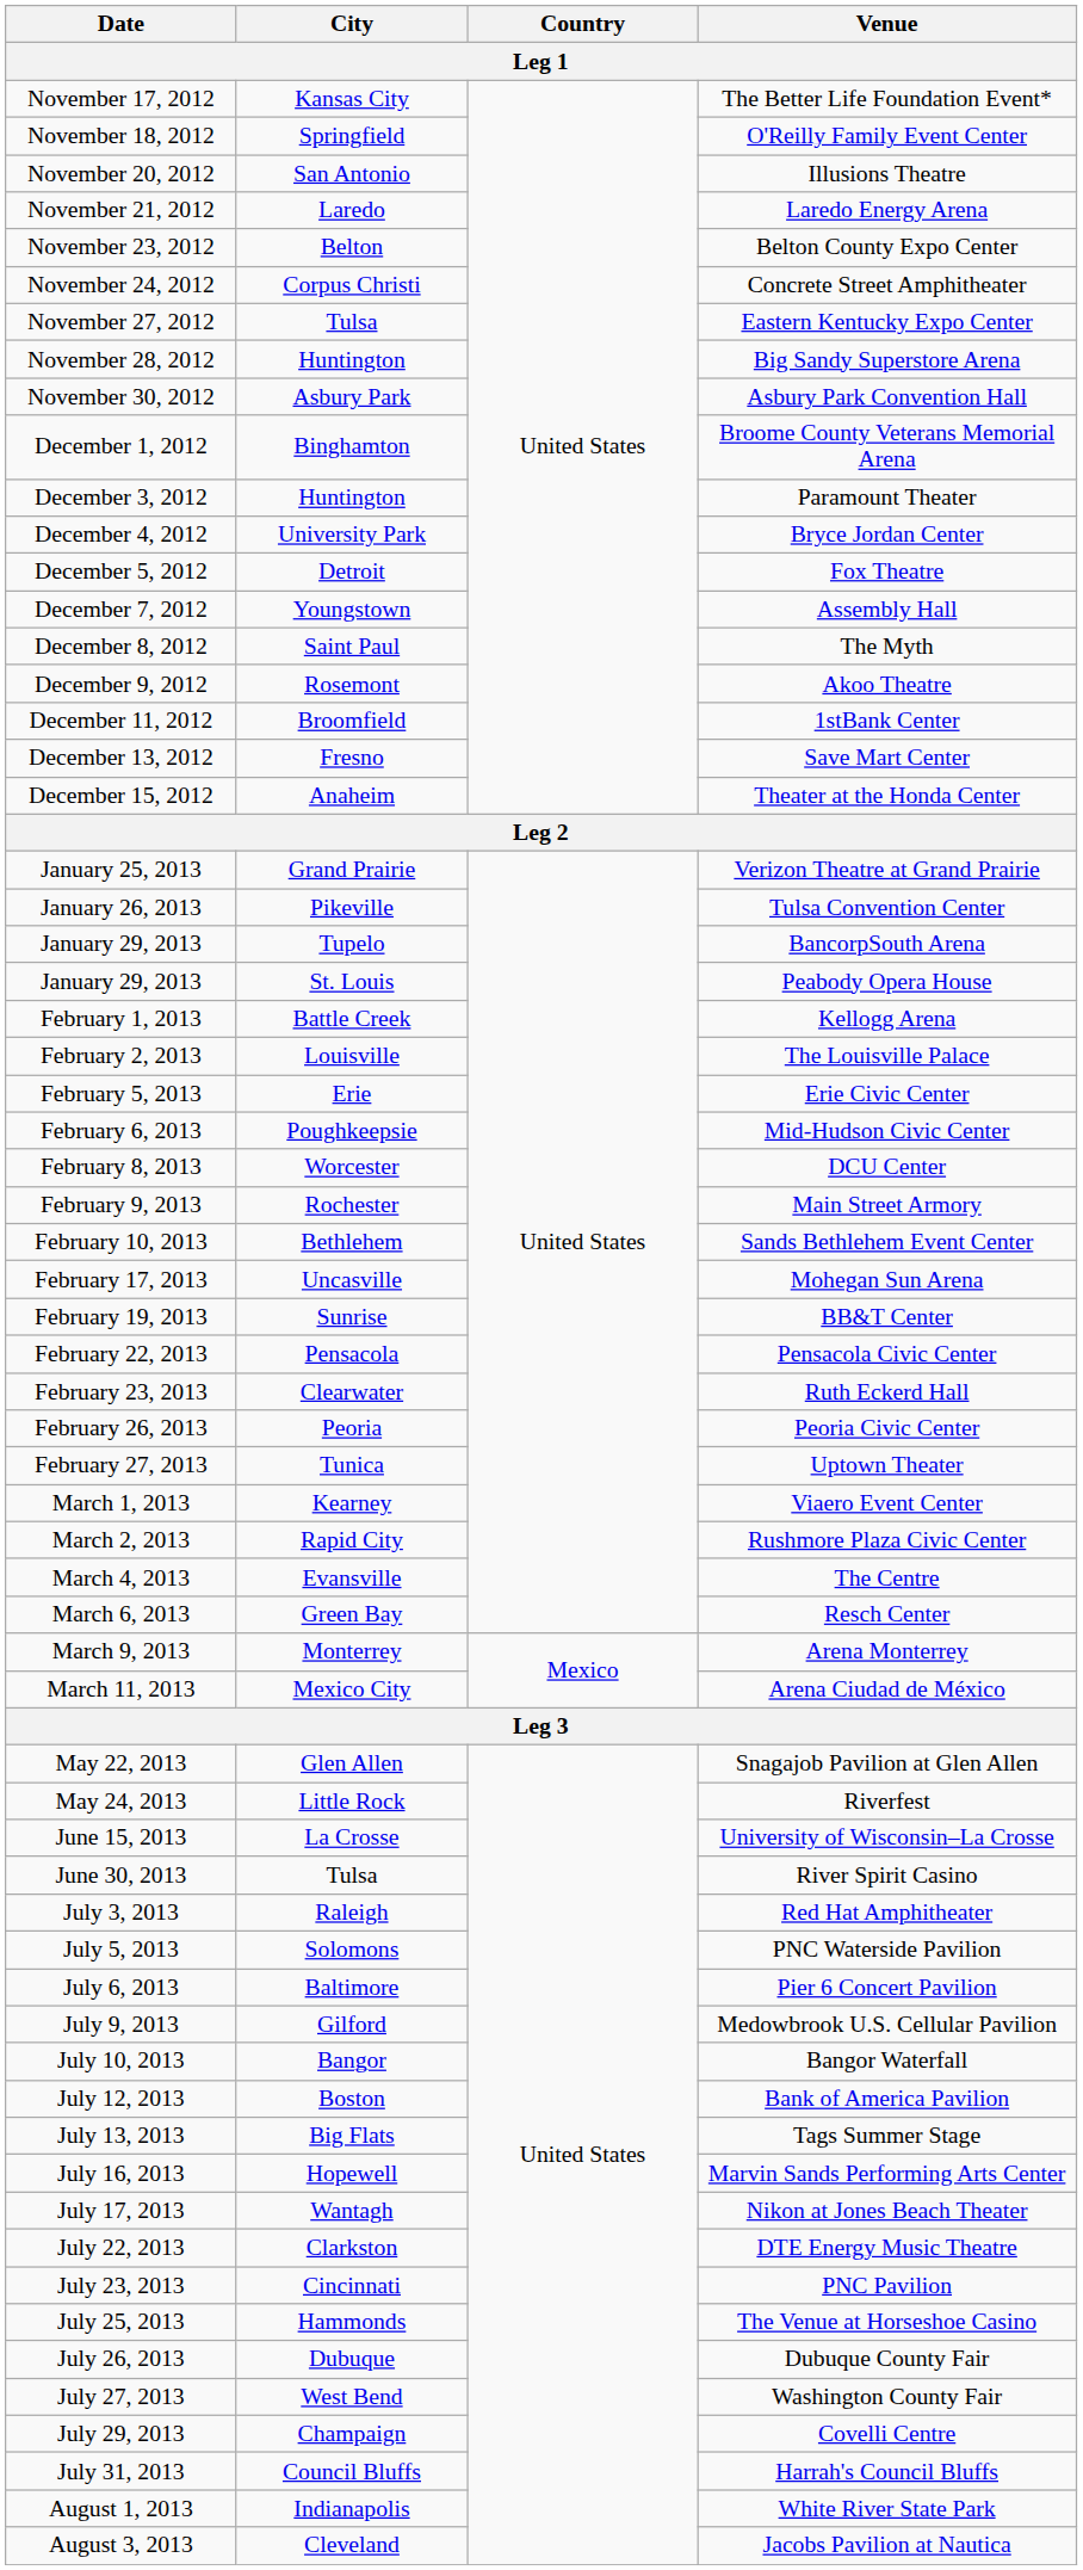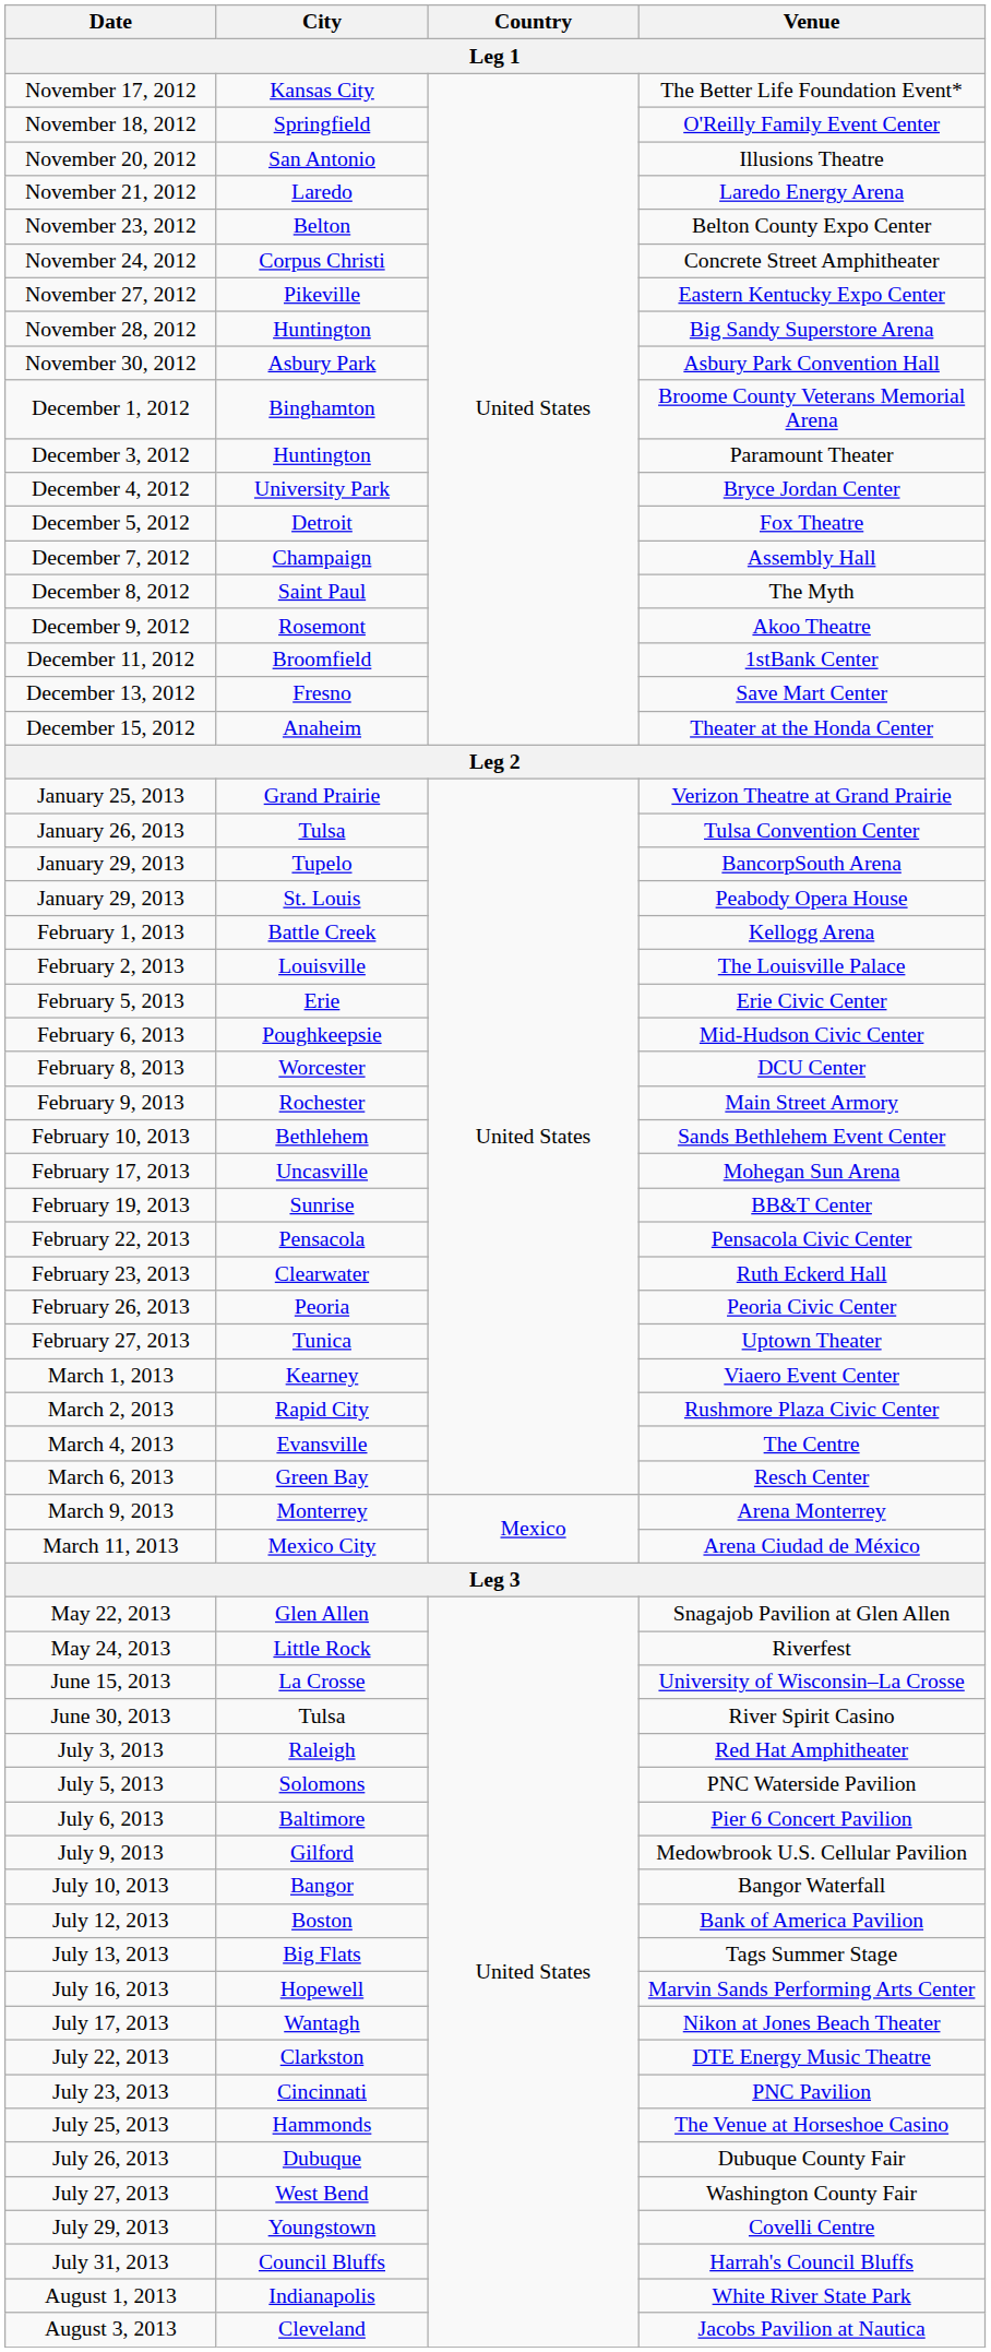 <table class="wikitable" style="text-align:center;">
 <tr>
 <th style="width:150px;">Date</th>
 <th style="width:150px;">City</th>
 <th style="width:150px;">Country</th>
 <th style="width:250px;">Venue</th>
 </tr>
 <tr>
 <th colspan="5">Leg 1</th>
 </tr>
 <tr>
 <td>November 17, 2012</td>
 <td><a href='#'>Kansas City</a></td>
 <td rowspan="19">United States</td>
 <td>The Better Life Foundation Event*</td>
 </tr>
 <tr>
 <td>November 18, 2012</td>
 <td><a href='#'>Springfield</a></td>
 <td><a href='#'>O'Reilly Family Event Center</a></td>
 </tr>
 <tr>
 <td>November 20, 2012</td>
 <td><a href='#'>San Antonio</a></td>
 <td>Illusions Theatre</td>
 </tr>
 <tr>
 <td>November 21, 2012</td>
 <td><a href='#'>Laredo</a></td>
 <td><a href='#'>Laredo Energy Arena</a></td>
 </tr>
 <tr>
 <td>November 23, 2012</td>
 <td><a href='#'>Belton</a></td>
 <td>Belton County Expo Center</td>
 </tr>
 <tr>
 <td>November 24, 2012</td>
 <td><a href='#'>Corpus Christi</a></td>
 <td>Concrete Street Amphitheater</td>
 </tr>
 <tr>
 <td>November 27, 2012</td>
-<td><a href='#'>Tulsa</a></td>
+<td><a href='#'>Pikeville</a></td>
 <td><a href='#'>Eastern Kentucky Expo Center</a></td>
 </tr>
 <tr>
 <td>November 28, 2012</td>
 <td><a href='#'>Huntington</a></td>
 <td><a href='#'>Big Sandy Superstore Arena</a></td>
 </tr>
 <tr>
 <td>November 30, 2012</td>
 <td><a href='#'>Asbury Park</a></td>
 <td><a href='#'>Asbury Park Convention Hall</a></td>
 </tr>
 <tr>
 <td>December 1, 2012</td>
 <td><a href='#'>Binghamton</a></td>
 <td><a href='#'>Broome County Veterans Memorial Arena</a></td>
 </tr>
 <tr>
 <td>December 3, 2012</td>
 <td><a href='#'>Huntington</a></td>
 <td>Paramount Theater</td>
 </tr>
 <tr>
 <td>December 4, 2012</td>
 <td><a href='#'>University Park</a></td>
 <td><a href='#'>Bryce Jordan Center</a></td>
 </tr>
 <tr>
 <td>December 5, 2012</td>
 <td><a href='#'>Detroit</a></td>
 <td><a href='#'>Fox Theatre</a></td>
 </tr>
 <tr>
 <td>December 7, 2012</td>
-<td><a href='#'>Youngstown</a></td>
+<td><a href='#'>Champaign</a></td>
 <td><a href='#'>Assembly Hall</a></td>
 </tr>
 <tr>
 <td>December 8, 2012</td>
 <td><a href='#'>Saint Paul</a></td>
 <td>The Myth</td>
 </tr>
 <tr>
 <td>December 9, 2012</td>
 <td><a href='#'>Rosemont</a></td>
 <td><a href='#'>Akoo Theatre</a></td>
 </tr>
 <tr>
 <td>December 11, 2012</td>
 <td><a href='#'>Broomfield</a></td>
 <td><a href='#'>1stBank Center</a></td>
 </tr>
 <tr>
 <td>December 13, 2012</td>
 <td><a href='#'>Fresno</a></td>
 <td><a href='#'>Save Mart Center</a></td>
 </tr>
 <tr>
 <td>December 15, 2012</td>
 <td><a href='#'>Anaheim</a></td>
 <td><a href='#'>Theater at the Honda Center</a></td>
 </tr>
 <tr>
 <th colspan="5">Leg 2</th>
 </tr>
 <tr>
 <td>January 25, 2013</td>
 <td><a href='#'>Grand Prairie</a></td>
 <td rowspan="21">United States</td>
 <td><a href='#'>Verizon Theatre at Grand Prairie</a></td>
 </tr>
 <tr>
 <td>January 26, 2013</td>
-<td><a href='#'>Pikeville</a></td>
+<td><a href='#'>Tulsa</a></td>
 <td><a href='#'>Tulsa Convention Center</a></td>
 </tr>
 <tr>
 <td>January 29, 2013</td>
 <td><a href='#'>Tupelo</a></td>
 <td><a href='#'>BancorpSouth Arena</a></td>
 </tr>
 <tr>
 <td>January 29, 2013</td>
 <td><a href='#'>St. Louis</a></td>
 <td><a href='#'>Peabody Opera House</a></td>
 </tr>
 <tr>
 <td>February 1, 2013</td>
 <td><a href='#'>Battle Creek</a></td>
 <td><a href='#'>Kellogg Arena</a></td>
 </tr>
 <tr>
 <td>February 2, 2013</td>
 <td><a href='#'>Louisville</a></td>
 <td><a href='#'>The Louisville Palace</a></td>
 </tr>
 <tr>
 <td>February 5, 2013</td>
 <td><a href='#'>Erie</a></td>
 <td><a href='#'>Erie Civic Center</a></td>
 </tr>
 <tr>
 <td>February 6, 2013</td>
 <td><a href='#'>Poughkeepsie</a></td>
 <td><a href='#'>Mid-Hudson Civic Center</a></td>
 </tr>
 <tr>
 <td>February 8, 2013</td>
 <td><a href='#'>Worcester</a></td>
 <td><a href='#'>DCU Center</a></td>
 </tr>
 <tr>
 <td>February 9, 2013</td>
 <td><a href='#'>Rochester</a></td>
 <td><a href='#'>Main Street Armory</a></td>
 </tr>
 <tr>
 <td>February 10, 2013</td>
 <td><a href='#'>Bethlehem</a></td>
 <td><a href='#'>Sands Bethlehem Event Center</a></td>
 </tr>
 <tr>
 <td>February 17, 2013</td>
 <td><a href='#'>Uncasville</a></td>
 <td><a href='#'>Mohegan Sun Arena</a></td>
 </tr>
 <tr>
 <td>February 19, 2013</td>
 <td><a href='#'>Sunrise</a></td>
 <td><a href='#'>BB&T Center</a></td>
 </tr>
 <tr>
 <td>February 22, 2013</td>
 <td><a href='#'>Pensacola</a></td>
 <td><a href='#'>Pensacola Civic Center</a></td>
 </tr>
 <tr>
 <td>February 23, 2013</td>
 <td><a href='#'>Clearwater</a></td>
 <td><a href='#'>Ruth Eckerd Hall</a></td>
 </tr>
 <tr>
 <td>February 26, 2013</td>
 <td><a href='#'>Peoria</a></td>
 <td><a href='#'>Peoria Civic Center</a></td>
 </tr>
 <tr>
 <td>February 27, 2013</td>
 <td><a href='#'>Tunica</a></td>
 <td><a href='#'>Uptown Theater</a></td>
 </tr>
 <tr>
 <td>March 1, 2013</td>
 <td><a href='#'>Kearney</a></td>
 <td><a href='#'>Viaero Event Center</a></td>
 </tr>
 <tr>
 <td>March 2, 2013</td>
 <td><a href='#'>Rapid City</a></td>
 <td><a href='#'>Rushmore Plaza Civic Center</a></td>
 </tr>
 <tr>
 <td>March 4, 2013</td>
 <td><a href='#'>Evansville</a></td>
 <td><a href='#'>The Centre</a></td>
 </tr>
 <tr>
 <td>March 6, 2013</td>
 <td><a href='#'>Green Bay</a></td>
 <td><a href='#'>Resch Center</a></td>
 </tr>
 <tr>
 <td>March 9, 2013</td>
 <td><a href='#'>Monterrey</a></td>
 <td rowspan="2"><a href='#'>Mexico</a></td>
 <td><a href='#'>Arena Monterrey</a></td>
 </tr>
 <tr>
 <td>March 11, 2013</td>
 <td><a href='#'>Mexico City</a></td>
 <td><a href='#'>Arena Ciudad de México</a></td>
 </tr>
 <tr>
 <th colspan="5">Leg 3</th>
 </tr>
 <tr>
 <td>May 22, 2013</td>
 <td><a href='#'>Glen Allen</a></td>
 <td rowspan="22">United States</td>
 <td>Snagajob Pavilion at Glen Allen</td>
 </tr>
 <tr>
 <td>May 24, 2013</td>
 <td><a href='#'>Little Rock</a></td>
 <td>Riverfest</td>
 </tr>
 <tr>
 <td>June 15, 2013</td>
 <td><a href='#'>La Crosse</a></td>
 <td><a href='#'>University of Wisconsin–La Crosse</a></td>
 </tr>
 <tr>
 <td>June 30, 2013</td>
 <td>Tulsa</td>
 <td>River Spirit Casino</td>
 </tr>
 <tr>
 <td>July 3, 2013</td>
 <td><a href='#'>Raleigh</a></td>
 <td><a href='#'>Red Hat Amphitheater</a></td>
 </tr>
 <tr>
 <td>July 5, 2013</td>
 <td><a href='#'>Solomons</a></td>
 <td>PNC Waterside Pavilion</td>
 </tr>
 <tr>
 <td>July 6, 2013</td>
 <td><a href='#'>Baltimore</a></td>
 <td><a href='#'>Pier 6 Concert Pavilion</a></td>
 </tr>
 <tr>
 <td>July 9, 2013</td>
 <td><a href='#'>Gilford</a></td>
 <td>Medowbrook U.S. Cellular Pavilion</td>
 </tr>
 <tr>
 <td>July 10, 2013</td>
 <td><a href='#'>Bangor</a></td>
 <td>Bangor Waterfall</td>
 </tr>
 <tr>
 <td>July 12, 2013</td>
 <td><a href='#'>Boston</a></td>
 <td><a href='#'>Bank of America Pavilion</a></td>
 </tr>
 <tr>
 <td>July 13, 2013</td>
 <td><a href='#'>Big Flats</a></td>
 <td>Tags Summer Stage</td>
 </tr>
 <tr>
 <td>July 16, 2013</td>
 <td><a href='#'>Hopewell</a></td>
 <td><a href='#'>Marvin Sands Performing Arts Center</a></td>
 </tr>
 <tr>
 <td>July 17, 2013</td>
 <td><a href='#'>Wantagh</a></td>
 <td><a href='#'>Nikon at Jones Beach Theater</a></td>
 </tr>
 <tr>
 <td>July 22, 2013</td>
 <td><a href='#'>Clarkston</a></td>
 <td><a href='#'>DTE Energy Music Theatre</a></td>
 </tr>
 <tr>
 <td>July 23, 2013</td>
 <td><a href='#'>Cincinnati</a></td>
 <td><a href='#'>PNC Pavilion</a></td>
 </tr>
 <tr>
 <td>July 25, 2013</td>
 <td><a href='#'>Hammonds</a></td>
 <td><a href='#'>The Venue at Horseshoe Casino</a></td>
 </tr>
 <tr>
 <td>July 26, 2013</td>
 <td><a href='#'>Dubuque</a></td>
 <td>Dubuque County Fair</td>
 </tr>
 <tr>
 <td>July 27, 2013</td>
 <td><a href='#'>West Bend</a></td>
 <td>Washington County Fair</td>
 </tr>
 <tr>
 <td>July 29, 2013</td>
-<td><a href='#'>Champaign</a></td>
+<td><a href='#'>Youngstown</a></td>
 <td><a href='#'>Covelli Centre</a></td>
 </tr>
 <tr>
 <td>July 31, 2013</td>
 <td><a href='#'>Council Bluffs</a></td>
 <td><a href='#'>Harrah's Council Bluffs</a></td>
 </tr>
 <tr>
 <td>August 1, 2013</td>
 <td><a href='#'>Indianapolis</a></td>
 <td><a href='#'>White River State Park</a></td>
 </tr>
 <tr>
 <td>August 3, 2013</td>
 <td><a href='#'>Cleveland</a></td>
 <td><a href='#'>Jacobs Pavilion at Nautica</a></td>
 </tr>
 </table>
